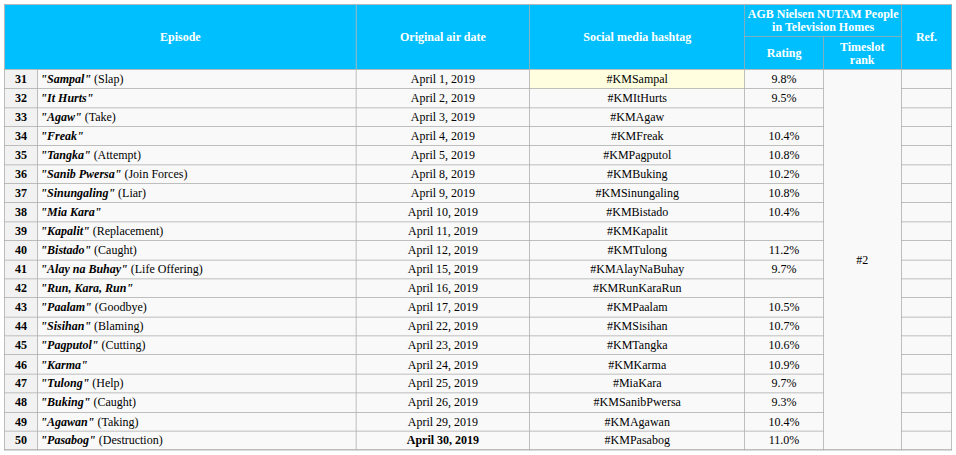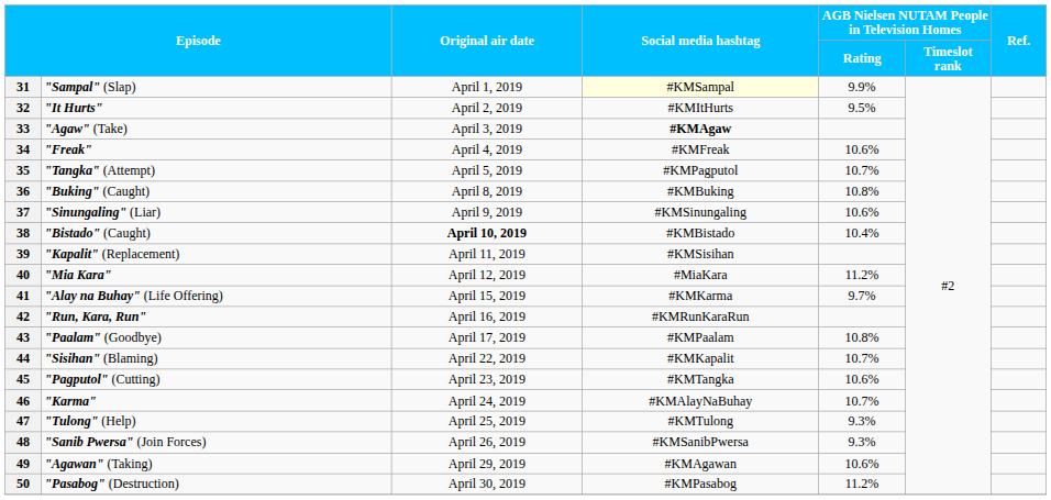 <table class="wikitable" style="text-align:center; font-size:100%; line-height:18px; width:100%">
 <tr>
 <th style="background-color:#00BFFF; color:#ffffff;" colspan="2" rowspan="2">Episode</th>
 <th style="background-color:#00BFFF; color:white" rowspan="2">Original air date</th>
 <th style="background-color:#00BFFF; color:white" rowspan="2">Social media hashtag</th>
 <th style="background-color:#00BFFF; color:#ffffff;" colspan="2">AGB Nielsen NUTAM People in Television Homes</th>
 <th style="background-color:#00BFFF;  color:#ffffff;" rowspan="2">Ref.</th>
 </tr>
 <tr>
 <th style="background-color:#00BFFF; width:75px; color:#ffffff;">Rating</th>
 <th style="background-color:#00BFFF;  width:75px; color:#ffffff;">Timeslot<br>rank</th>
 </tr>
 <tr>
 <th>31</th>
 <td style="text-align: left;"><strong><em>"Sampal"</em></strong> (Slap)</td>
 <td>April 1, 2019</td>
 <td style="background: lightyellow;">#KMSampal</td>
-<td>9.8%</td>
+<td>9.9%</td>
 <td rowspan="20">#2</td>
 <td></td>
 </tr>
 <tr>
 <th>32</th>
 <td style="text-align: left;"><strong><em>"It Hurts"</em></strong></td>
 <td>April 2, 2019</td>
 <td>#KMItHurts</td>
 <td>9.5%</td>
 <td></td>
 </tr>
 <tr>
 <th>33</th>
 <td style="text-align: left;"><strong><em>"Agaw"</em></strong> (Take)</td>
 <td>April 3, 2019</td>
-<td>#KMAgaw</td>
+<td><strong>#KMAgaw</strong></td>
 <td></td>
 <td></td>
 </tr>
 <tr>
 <th>34</th>
 <td style="text-align: left;"><strong><em>"Freak"</em></strong></td>
 <td>April 4, 2019</td>
 <td>#KMFreak</td>
-<td>10.4%</td>
+<td>10.6%</td>
 <td></td>
 </tr>
 <tr>
 <th>35</th>
 <td style="text-align: left;"><strong><em>"Tangka"</em></strong> (Attempt)</td>
 <td>April 5, 2019</td>
 <td>#KMPagputol</td>
-<td>10.8%</td>
+<td>10.7%</td>
 <td></td>
 </tr>
 <tr>
 <th>36</th>
-<td style="text-align: left;"><strong><em>"Sanib Pwersa"</em></strong> (Join Forces)</td>
+<td style="text-align: left;"><strong><em>"Buking"</em></strong> (Caught)</td>
 <td>April 8, 2019</td>
 <td>#KMBuking</td>
-<td>10.2%</td>
+<td>10.8%</td>
 <td></td>
 </tr>
 <tr>
 <th>37</th>
 <td style="text-align: left;"><strong><em>"Sinungaling"</em></strong> (Liar)</td>
 <td>April 9, 2019</td>
 <td>#KMSinungaling</td>
-<td>10.8%</td>
+<td>10.6%</td>
 <td></td>
 </tr>
 <tr>
 <th>38</th>
-<td style="text-align: left;"><strong><em>"Mia Kara"</em></strong></td>
-<td>April 10, 2019</td>
+<td style="text-align: left;"><strong><em>"Bistado"</em></strong> (Caught)</td>
+<td><strong>April 10, 2019</strong></td>
 <td>#KMBistado</td>
 <td>10.4%</td>
 <td></td>
 </tr>
 <tr>
 <th>39</th>
 <td style="text-align: left;"><strong><em>"Kapalit"</em></strong> (Replacement)</td>
 <td>April 11, 2019</td>
-<td>#KMKapalit</td>
+<td>#KMSisihan</td>
 <td></td>
 <td></td>
 </tr>
 <tr>
 <th>40</th>
-<td style="text-align: left;"><strong><em>"Bistado"</em></strong> (Caught)</td>
+<td style="text-align: left;"><strong><em>"Mia Kara"</em></strong></td>
 <td>April 12, 2019</td>
-<td>#KMTulong</td>
+<td>#MiaKara</td>
 <td>11.2%</td>
 <td></td>
 </tr>
 <tr>
 <th>41</th>
 <td style="text-align: left;"><strong><em>"Alay na Buhay"</em></strong> (Life Offering)</td>
 <td>April 15, 2019</td>
-<td>#KMAlayNaBuhay</td>
+<td>#KMKarma</td>
 <td>9.7%</td>
 <td></td>
 </tr>
 <tr>
 <th>42</th>
 <td style="text-align: left;"><strong><em>"Run, Kara, Run"</em></strong></td>
 <td>April 16, 2019</td>
 <td>#KMRunKaraRun</td>
 <td></td>
 <td></td>
 </tr>
 <tr>
 <th>43</th>
 <td style="text-align: left;"><strong><em>"Paalam"</em></strong> (Goodbye)</td>
 <td>April 17, 2019</td>
 <td>#KMPaalam</td>
-<td>10.5%</td>
+<td>10.8%</td>
 <td></td>
 </tr>
 <tr>
 <th>44</th>
 <td style="text-align: left;"><strong><em>"Sisihan"</em></strong> (Blaming)</td>
 <td>April 22, 2019</td>
-<td>#KMSisihan</td>
+<td>#KMKapalit</td>
 <td>10.7%</td>
 <td></td>
 </tr>
 <tr>
 <th>45</th>
 <td style="text-align: left;"><strong><em>"Pagputol"</em></strong> (Cutting)</td>
 <td>April 23, 2019</td>
 <td>#KMTangka</td>
 <td>10.6%</td>
 <td></td>
 </tr>
 <tr>
 <th>46</th>
 <td style="text-align: left;"><strong><em>"Karma"</em></strong></td>
 <td>April 24, 2019</td>
-<td>#KMKarma</td>
-<td>10.9%</td>
+<td>#KMAlayNaBuhay</td>
+<td>10.7%</td>
 <td></td>
 </tr>
 <tr>
 <th>47</th>
 <td style="text-align: left;"><strong><em>"Tulong"</em></strong> (Help)</td>
 <td>April 25, 2019</td>
-<td>#MiaKara</td>
-<td>9.7%</td>
+<td>#KMTulong</td>
+<td>9.3%</td>
 <td></td>
 </tr>
 <tr>
 <th>48</th>
-<td style="text-align: left;"><strong><em>"Buking"</em></strong> (Caught)</td>
+<td style="text-align: left;"><strong><em>"Sanib Pwersa"</em></strong> (Join Forces)</td>
 <td>April 26, 2019</td>
 <td>#KMSanibPwersa</td>
 <td>9.3%</td>
 <td></td>
 </tr>
 <tr>
 <th>49</th>
 <td style="text-align: left;"><strong><em>"Agawan"</em></strong> (Taking)</td>
 <td>April 29, 2019</td>
 <td>#KMAgawan</td>
-<td>10.4%</td>
+<td>10.6%</td>
 <td></td>
 </tr>
 <tr>
 <th>50</th>
 <td style="text-align: left;"><strong><em>"Pasabog"</em></strong> (Destruction)</td>
-<td><strong>April 30, 2019</strong></td>
+<td>April 30, 2019</td>
 <td>#KMPasabog</td>
-<td>11.0%</td>
+<td>11.2%</td>
 <td></td>
 </tr>
 <tr>
 </tr>
 </table>
